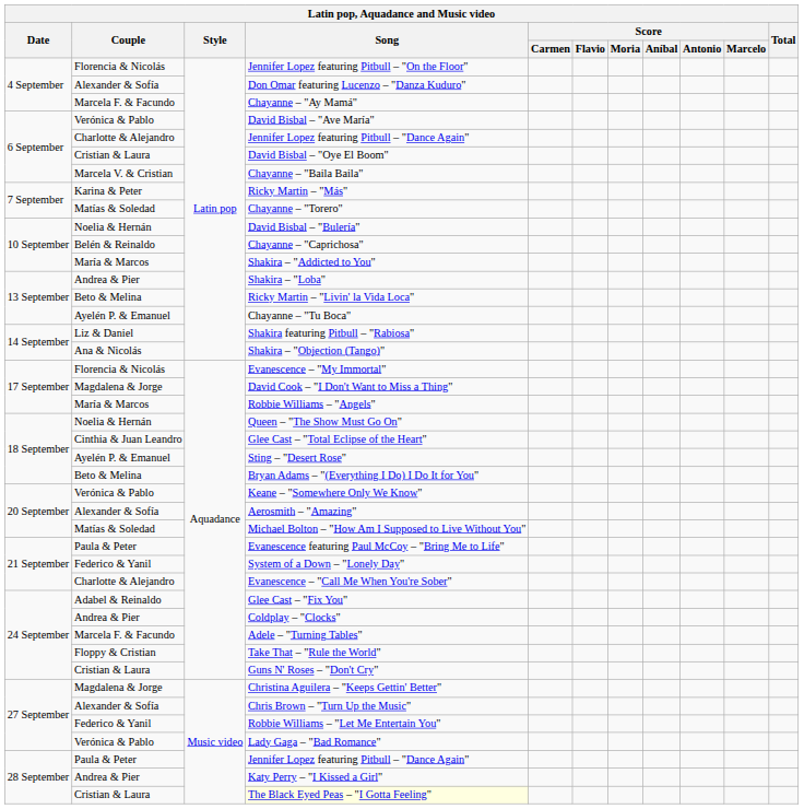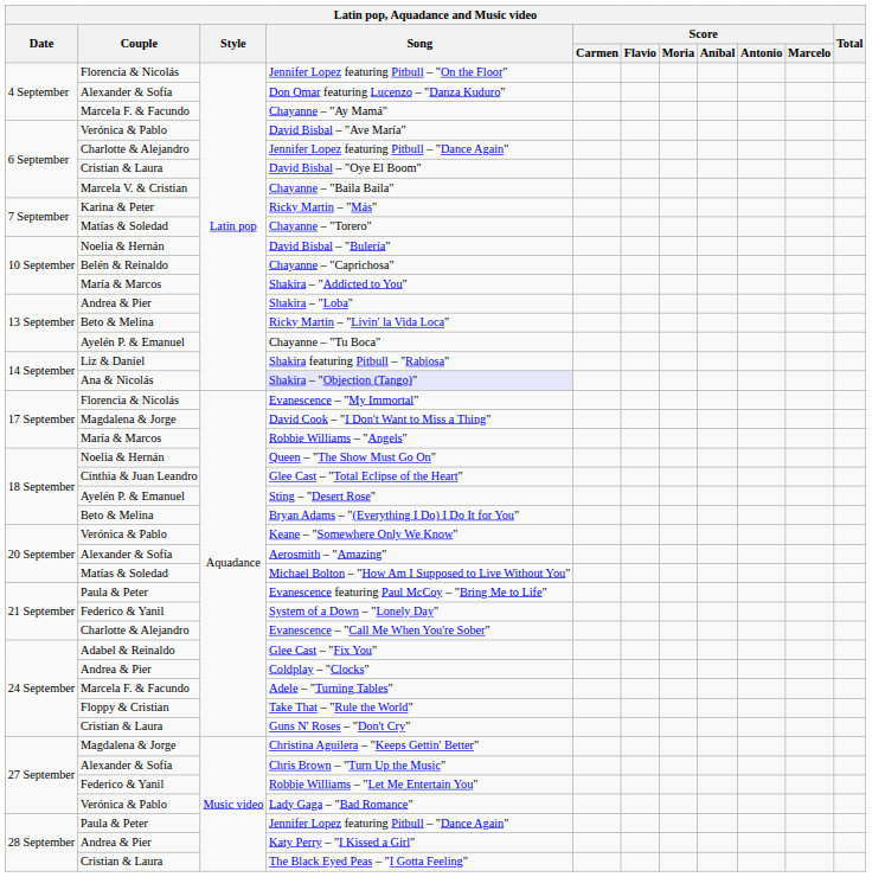 <table class="wikitable collapsible collapsed">
 <tr>
 <th colspan="11" style="text-align:center;"><strong>Latin pop, Aquadance and Music video</strong></th>
 </tr>
 <tr>
 <th rowspan="2">Date</th>
 <th rowspan="2">Couple</th>
 <th rowspan="2">Style</th>
 <th rowspan="2">Song</th>
 <th colspan="6">Score</th>
 <th rowspan="2">Total</th>
 </tr>
 <tr>
 <th>Carmen</th>
 <th>Flavio</th>
 <th>Moria</th>
 <th>Aníbal</th>
 <th>Antonio</th>
 <th>Marcelo</th>
 </tr>
 <tr>
 <td rowspan="3">4 September</td>
 <td>Florencia & Nicolás</td>
 <td rowspan="17" style="text-align:center;"><a href='#'>Latin pop</a></td>
 <td><a href='#'>Jennifer Lopez</a> featuring <a href='#'>Pitbull</a> – "<a href='#'>On the Floor</a>"</td>
 <td></td>
 <td></td>
 <td></td>
 <td></td>
 <td></td>
 <td></td>
 <td></td>
 </tr>
 <tr>
 <td>Alexander & Sofía</td>
 <td><a href='#'>Don Omar</a> featuring <a href='#'>Lucenzo</a> – "<a href='#'>Danza Kuduro</a>"</td>
 <td></td>
 <td></td>
 <td></td>
 <td></td>
 <td></td>
 <td></td>
 <td></td>
 </tr>
 <tr>
 <td>Marcela F. & Facundo</td>
 <td><a href='#'>Chayanne</a> – "Ay Mamá"</td>
 <td></td>
 <td></td>
 <td></td>
 <td></td>
 <td></td>
 <td></td>
 <td></td>
 </tr>
 <tr>
 <td rowspan="4">6 September</td>
 <td>Verónica & Pablo</td>
 <td><a href='#'>David Bisbal</a> – "Ave María"</td>
 <td></td>
 <td></td>
 <td></td>
 <td></td>
 <td></td>
 <td></td>
 <td></td>
 </tr>
 <tr>
 <td>Charlotte & Alejandro</td>
 <td><a href='#'>Jennifer Lopez</a> featuring <a href='#'>Pitbull</a> – "<a href='#'>Dance Again</a>"</td>
 <td></td>
 <td></td>
 <td></td>
 <td></td>
 <td></td>
 <td></td>
 <td></td>
 </tr>
 <tr>
 <td>Cristian & Laura</td>
 <td><a href='#'>David Bisbal</a> – "Oye El Boom"</td>
 <td></td>
 <td></td>
 <td></td>
 <td></td>
 <td></td>
 <td></td>
 <td></td>
 </tr>
 <tr>
 <td>Marcela V. & Cristian</td>
 <td><a href='#'>Chayanne</a> – "Baila Baila"</td>
 <td></td>
 <td></td>
 <td></td>
 <td></td>
 <td></td>
 <td></td>
 <td></td>
 </tr>
 <tr>
 <td rowspan="2">7 September</td>
 <td>Karina & Peter</td>
 <td><a href='#'>Ricky Martin</a> – "<a href='#'>Más</a>"</td>
 <td></td>
 <td></td>
 <td></td>
 <td></td>
 <td></td>
 <td></td>
 <td></td>
 </tr>
 <tr>
 <td>Matías & Soledad</td>
 <td><a href='#'>Chayanne</a> – "Torero"</td>
 <td></td>
 <td></td>
 <td></td>
 <td></td>
 <td></td>
 <td></td>
 <td></td>
 </tr>
 <tr>
 <td rowspan="3">10 September</td>
 <td>Noelia & Hernán</td>
 <td><a href='#'>David Bisbal</a> – "<a href='#'>Bulería</a>"</td>
 <td></td>
 <td></td>
 <td></td>
 <td></td>
 <td></td>
 <td></td>
 <td></td>
 </tr>
 <tr>
 <td>Belén & Reinaldo</td>
 <td><a href='#'>Chayanne</a> – "Caprichosa"</td>
 <td></td>
 <td></td>
 <td></td>
 <td></td>
 <td></td>
 <td></td>
 <td></td>
 </tr>
 <tr>
 <td>María & Marcos</td>
 <td><a href='#'>Shakira</a> – "<a href='#'>Addicted to You</a>"</td>
 <td></td>
 <td></td>
 <td></td>
 <td></td>
 <td></td>
 <td></td>
 <td></td>
 </tr>
 <tr>
 <td rowspan="3">13 September</td>
 <td>Andrea & Pier</td>
 <td><a href='#'>Shakira</a> – "<a href='#'>Loba</a>"</td>
 <td></td>
 <td></td>
 <td></td>
 <td></td>
 <td></td>
 <td></td>
 <td></td>
 </tr>
 <tr>
 <td>Beto & Melina</td>
 <td><a href='#'>Ricky Martin</a> – "<a href='#'>Livin' la Vida Loca</a>"</td>
 <td></td>
 <td></td>
 <td></td>
 <td></td>
 <td></td>
 <td></td>
 <td></td>
 </tr>
 <tr>
 <td>Ayelén P. & Emanuel</td>
 <td>Chayanne – "Tu Boca"</td>
 <td></td>
 <td></td>
 <td></td>
 <td></td>
 <td></td>
 <td></td>
 <td></td>
 </tr>
 <tr>
 <td rowspan="2">14 September</td>
 <td>Liz & Daniel</td>
 <td><a href='#'>Shakira</a> featuring <a href='#'>Pitbull</a> – "<a href='#'>Rabiosa</a>"</td>
 <td></td>
 <td></td>
 <td></td>
 <td></td>
 <td></td>
 <td></td>
 <td></td>
 </tr>
 <tr>
 <td>Ana & Nicolás</td>
-<td><a href='#'>Shakira</a> – "<a href='#'>Objection (Tango)</a>"</td>
+<td style="background: lavender;"><a href='#'>Shakira</a> – "<a href='#'>Objection (Tango)</a>"</td>
 <td></td>
 <td></td>
 <td></td>
 <td></td>
 <td></td>
 <td></td>
 <td></td>
 </tr>
 <tr>
 <td rowspan="3">17 September</td>
 <td>Florencia & Nicolás</td>
 <td rowspan="18" style="text-align:center;">Aquadance</td>
 <td><a href='#'>Evanescence</a> – "<a href='#'>My Immortal</a>"</td>
 <td></td>
 <td></td>
 <td></td>
 <td></td>
 <td></td>
 <td></td>
 <td></td>
 </tr>
 <tr>
 <td>Magdalena & Jorge</td>
 <td><a href='#'>David Cook</a> – "<a href='#'>I Don't Want to Miss a Thing</a>"</td>
 <td></td>
 <td></td>
 <td></td>
 <td></td>
 <td></td>
 <td></td>
 <td></td>
 </tr>
 <tr>
 <td>María & Marcos</td>
 <td><a href='#'>Robbie Williams</a> – "<a href='#'>Angels</a>"</td>
 <td></td>
 <td></td>
 <td></td>
 <td></td>
 <td></td>
 <td></td>
 <td></td>
 </tr>
 <tr>
 <td rowspan="4">18 September</td>
 <td>Noelia & Hernán</td>
 <td><a href='#'>Queen</a> – "<a href='#'>The Show Must Go On</a>"</td>
 <td></td>
 <td></td>
 <td></td>
 <td></td>
 <td></td>
 <td></td>
 <td></td>
 </tr>
 <tr>
 <td>Cinthia & Juan Leandro</td>
 <td><a href='#'>Glee Cast</a> – "<a href='#'>Total Eclipse of the Heart</a>"</td>
 <td></td>
 <td></td>
 <td></td>
 <td></td>
 <td></td>
 <td></td>
 <td></td>
 </tr>
 <tr>
 <td>Ayelén P. & Emanuel</td>
 <td><a href='#'>Sting</a> – "<a href='#'>Desert Rose</a>"</td>
 <td></td>
 <td></td>
 <td></td>
 <td></td>
 <td></td>
 <td></td>
 <td></td>
 </tr>
 <tr>
 <td>Beto & Melina</td>
 <td><a href='#'>Bryan Adams</a> – "<a href='#'>(Everything I Do) I Do It for You</a>"</td>
 <td></td>
 <td></td>
 <td></td>
 <td></td>
 <td></td>
 <td></td>
 <td></td>
 </tr>
 <tr>
 <td rowspan="3">20 September</td>
 <td>Verónica & Pablo</td>
 <td><a href='#'>Keane</a> – "<a href='#'>Somewhere Only We Know</a>"</td>
 <td></td>
 <td></td>
 <td></td>
 <td></td>
 <td></td>
 <td></td>
 <td></td>
 </tr>
 <tr>
 <td>Alexander & Sofía</td>
 <td><a href='#'>Aerosmith</a> – "<a href='#'>Amazing</a>"</td>
 <td></td>
 <td></td>
 <td></td>
 <td></td>
 <td></td>
 <td></td>
 <td></td>
 </tr>
 <tr>
 <td>Matías & Soledad</td>
 <td><a href='#'>Michael Bolton</a> – "<a href='#'>How Am I Supposed to Live Without You</a>"</td>
 <td></td>
 <td></td>
 <td></td>
 <td></td>
 <td></td>
 <td></td>
 <td></td>
 </tr>
 <tr>
 <td rowspan="3">21 September</td>
 <td>Paula & Peter</td>
 <td><a href='#'>Evanescence</a> featuring <a href='#'>Paul McCoy</a> – "<a href='#'>Bring Me to Life</a>"</td>
 <td></td>
 <td></td>
 <td></td>
 <td></td>
 <td></td>
 <td></td>
 <td></td>
 </tr>
 <tr>
 <td>Federico & Yanil</td>
 <td><a href='#'>System of a Down</a> – "<a href='#'>Lonely Day</a>"</td>
 <td></td>
 <td></td>
 <td></td>
 <td></td>
 <td></td>
 <td></td>
 <td></td>
 </tr>
 <tr>
 <td>Charlotte & Alejandro</td>
 <td><a href='#'>Evanescence</a> – "<a href='#'>Call Me When You're Sober</a>"</td>
 <td></td>
 <td></td>
 <td></td>
 <td></td>
 <td></td>
 <td></td>
 <td></td>
 </tr>
 <tr>
 <td rowspan="5">24 September</td>
 <td>Adabel & Reinaldo</td>
 <td><a href='#'>Glee Cast</a> – "<a href='#'>Fix You</a>"</td>
 <td></td>
 <td></td>
 <td></td>
 <td></td>
 <td></td>
 <td></td>
 <td></td>
 </tr>
 <tr>
 <td>Andrea & Pier</td>
 <td><a href='#'>Coldplay</a> – "<a href='#'>Clocks</a>"</td>
 <td></td>
 <td></td>
 <td></td>
 <td></td>
 <td></td>
 <td></td>
 <td></td>
 </tr>
 <tr>
 <td>Marcela F. & Facundo</td>
 <td><a href='#'>Adele</a> – "<a href='#'>Turning Tables</a>"</td>
 <td></td>
 <td></td>
 <td></td>
 <td></td>
 <td></td>
 <td></td>
 <td></td>
 </tr>
 <tr>
 <td>Floppy & Cristian</td>
 <td><a href='#'>Take That</a> – "<a href='#'>Rule the World</a>"</td>
 <td></td>
 <td></td>
 <td></td>
 <td></td>
 <td></td>
 <td></td>
 <td></td>
 </tr>
 <tr>
 <td>Cristian & Laura</td>
 <td><a href='#'>Guns N' Roses</a> – "<a href='#'>Don't Cry</a>"</td>
 <td></td>
 <td></td>
 <td></td>
 <td></td>
 <td></td>
 <td></td>
 <td></td>
 </tr>
 <tr>
 <td rowspan="4">27 September</td>
 <td>Magdalena & Jorge</td>
 <td rowspan="7" style="text-align:center;"><a href='#'>Music video</a></td>
 <td><a href='#'>Christina Aguilera</a> – "<a href='#'>Keeps Gettin' Better</a>"</td>
 <td></td>
 <td></td>
 <td></td>
 <td></td>
 <td></td>
 <td></td>
 <td></td>
 </tr>
 <tr>
 <td>Alexander & Sofía</td>
 <td><a href='#'>Chris Brown</a> – "<a href='#'>Turn Up the Music</a>"</td>
 <td></td>
 <td></td>
 <td></td>
 <td></td>
 <td></td>
 <td></td>
 <td></td>
 </tr>
 <tr>
 <td>Federico & Yanil</td>
 <td><a href='#'>Robbie Williams</a> – "<a href='#'>Let Me Entertain You</a>"</td>
 <td></td>
 <td></td>
 <td></td>
 <td></td>
 <td></td>
 <td></td>
 <td></td>
 </tr>
 <tr>
 <td>Verónica & Pablo</td>
 <td><a href='#'>Lady Gaga</a> – "<a href='#'>Bad Romance</a>"</td>
 <td></td>
 <td></td>
 <td></td>
 <td></td>
 <td></td>
 <td></td>
 <td></td>
 </tr>
 <tr>
 <td rowspan="3">28 September</td>
 <td>Paula & Peter</td>
 <td><a href='#'>Jennifer Lopez</a> featuring <a href='#'>Pitbull</a> – "<a href='#'>Dance Again</a>"</td>
 <td></td>
 <td></td>
 <td></td>
 <td></td>
 <td></td>
 <td></td>
 <td></td>
 </tr>
 <tr>
 <td>Andrea & Pier</td>
 <td><a href='#'>Katy Perry</a> – "<a href='#'>I Kissed a Girl</a>"</td>
 <td></td>
 <td></td>
 <td></td>
 <td></td>
 <td></td>
 <td></td>
 <td></td>
 </tr>
 <tr>
 <td>Cristian & Laura</td>
-<td style="background: lightyellow;"><a href='#'>The Black Eyed Peas</a> – "<a href='#'>I Gotta Feeling</a>"</td>
+<td><a href='#'>The Black Eyed Peas</a> – "<a href='#'>I Gotta Feeling</a>"</td>
 <td></td>
 <td></td>
 <td></td>
 <td></td>
 <td></td>
 <td></td>
 <td></td>
 </tr>
 </table>
